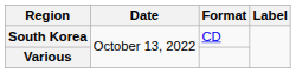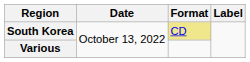 <table class="wikitable plainrowheaders">
 <tr>
 <th scope="col">Region</th>
 <th scope="col">Date</th>
 <th scope="col">Format</th>
 <th scope="col">Label</th>
 </tr>
 <tr>
 <th scope="row">South Korea</th>
 <td rowspan="2">October 13, 2022</td>
-<td><a href='#'>CD</a></td>
+<td style="background: khaki;"><a href='#'>CD</a></td>
 <td rowspan="2"></td>
 </tr>
 <tr>
 <th scope="row">Various</th>
 <td></td>
 </tr>
 </table>
